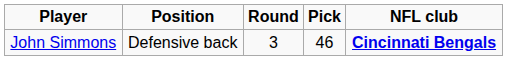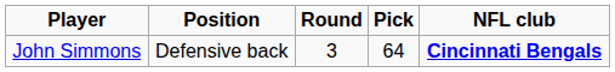 <table class="wikitable" width="80%">
 <tr align="center">
 <td><strong>Player</strong></td>
 <td><strong>Position</strong></td>
 <td><strong>Round</strong></td>
 <td><strong>Pick</strong></td>
 <td><strong>NFL club</strong></td>
 </tr>
 <tr align="center" bgcolor="">
 <td><a href='#'>John Simmons</a></td>
 <td>Defensive back</td>
 <td>3</td>
-<td>46</td>
+<td>64</td>
 <td><strong><a href='#'>Cincinnati Bengals</a></strong></td>
 </tr>
 </table>
